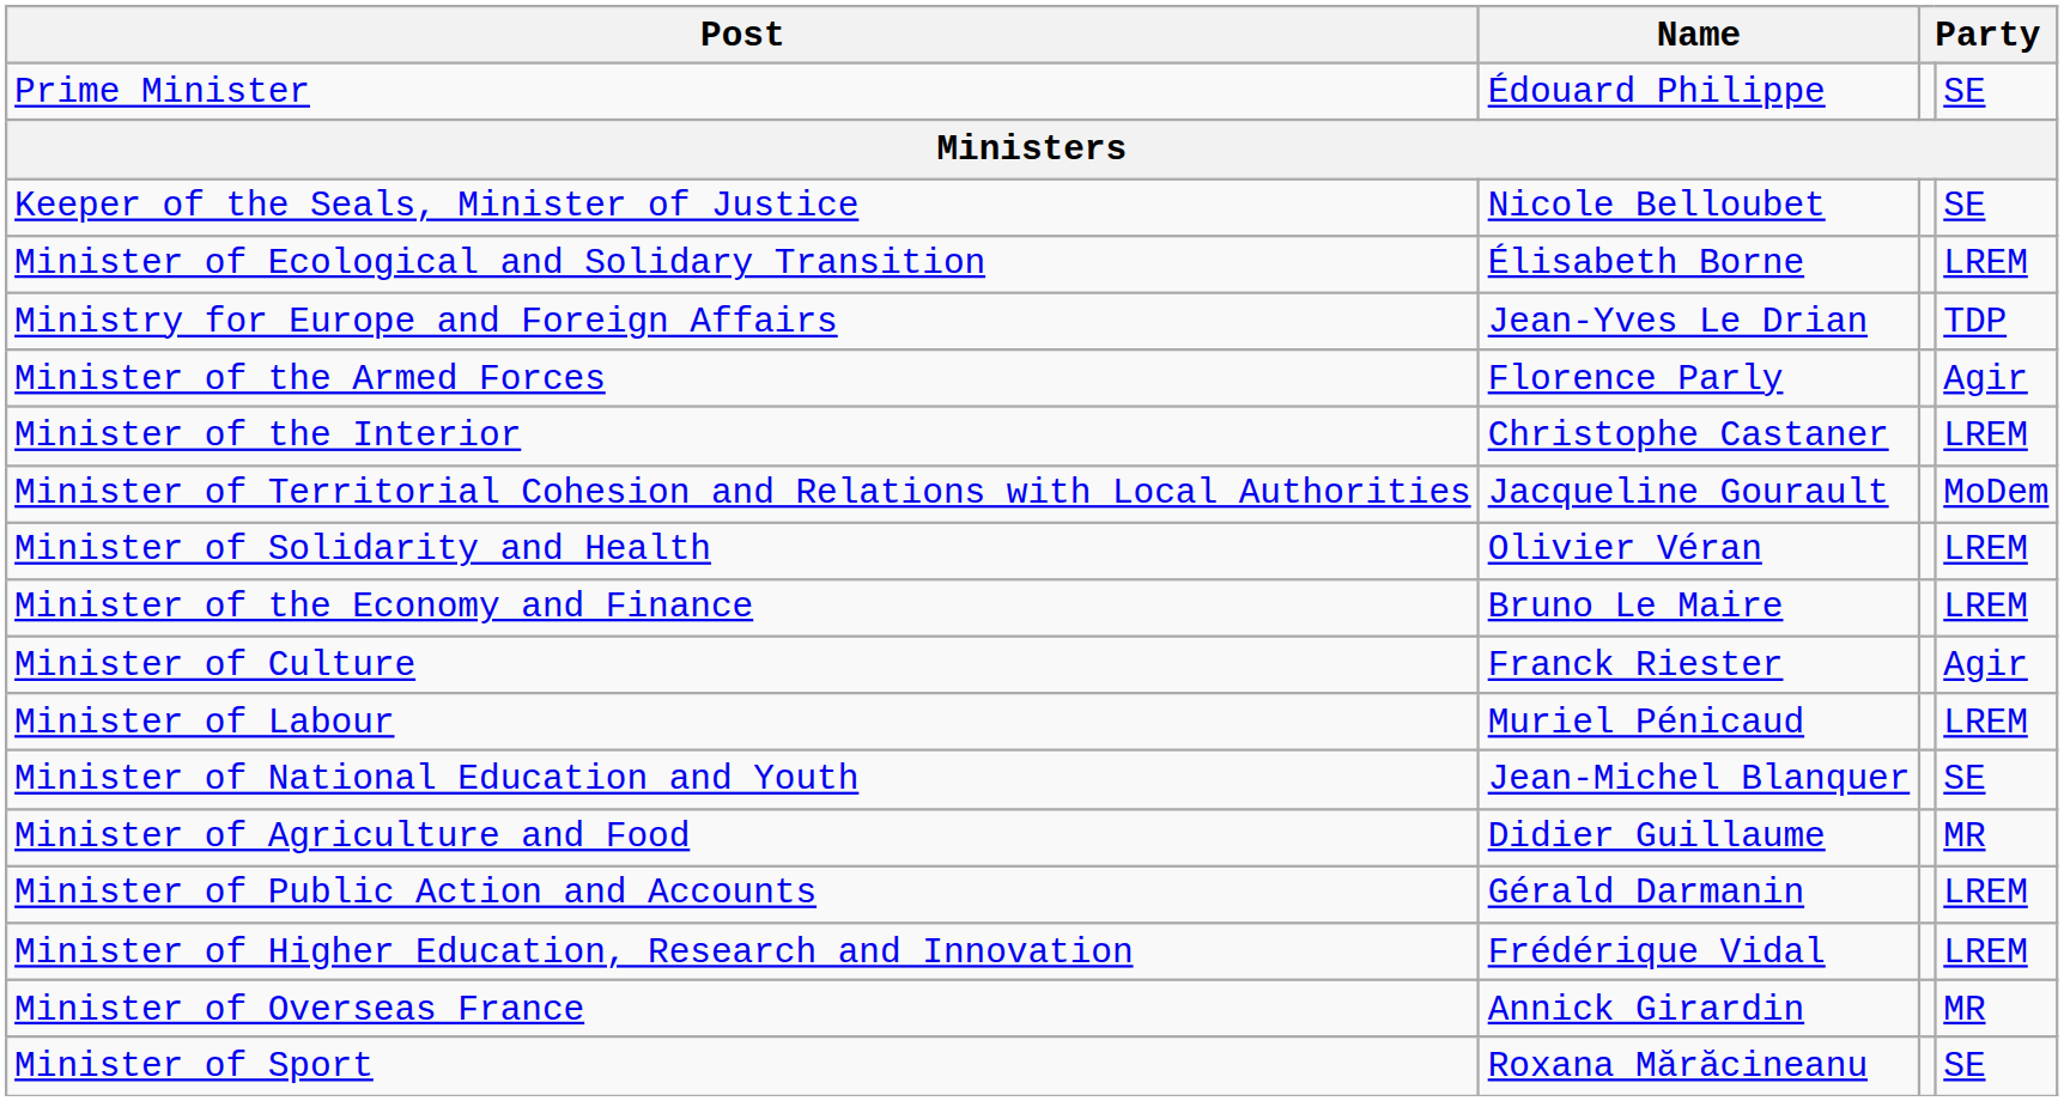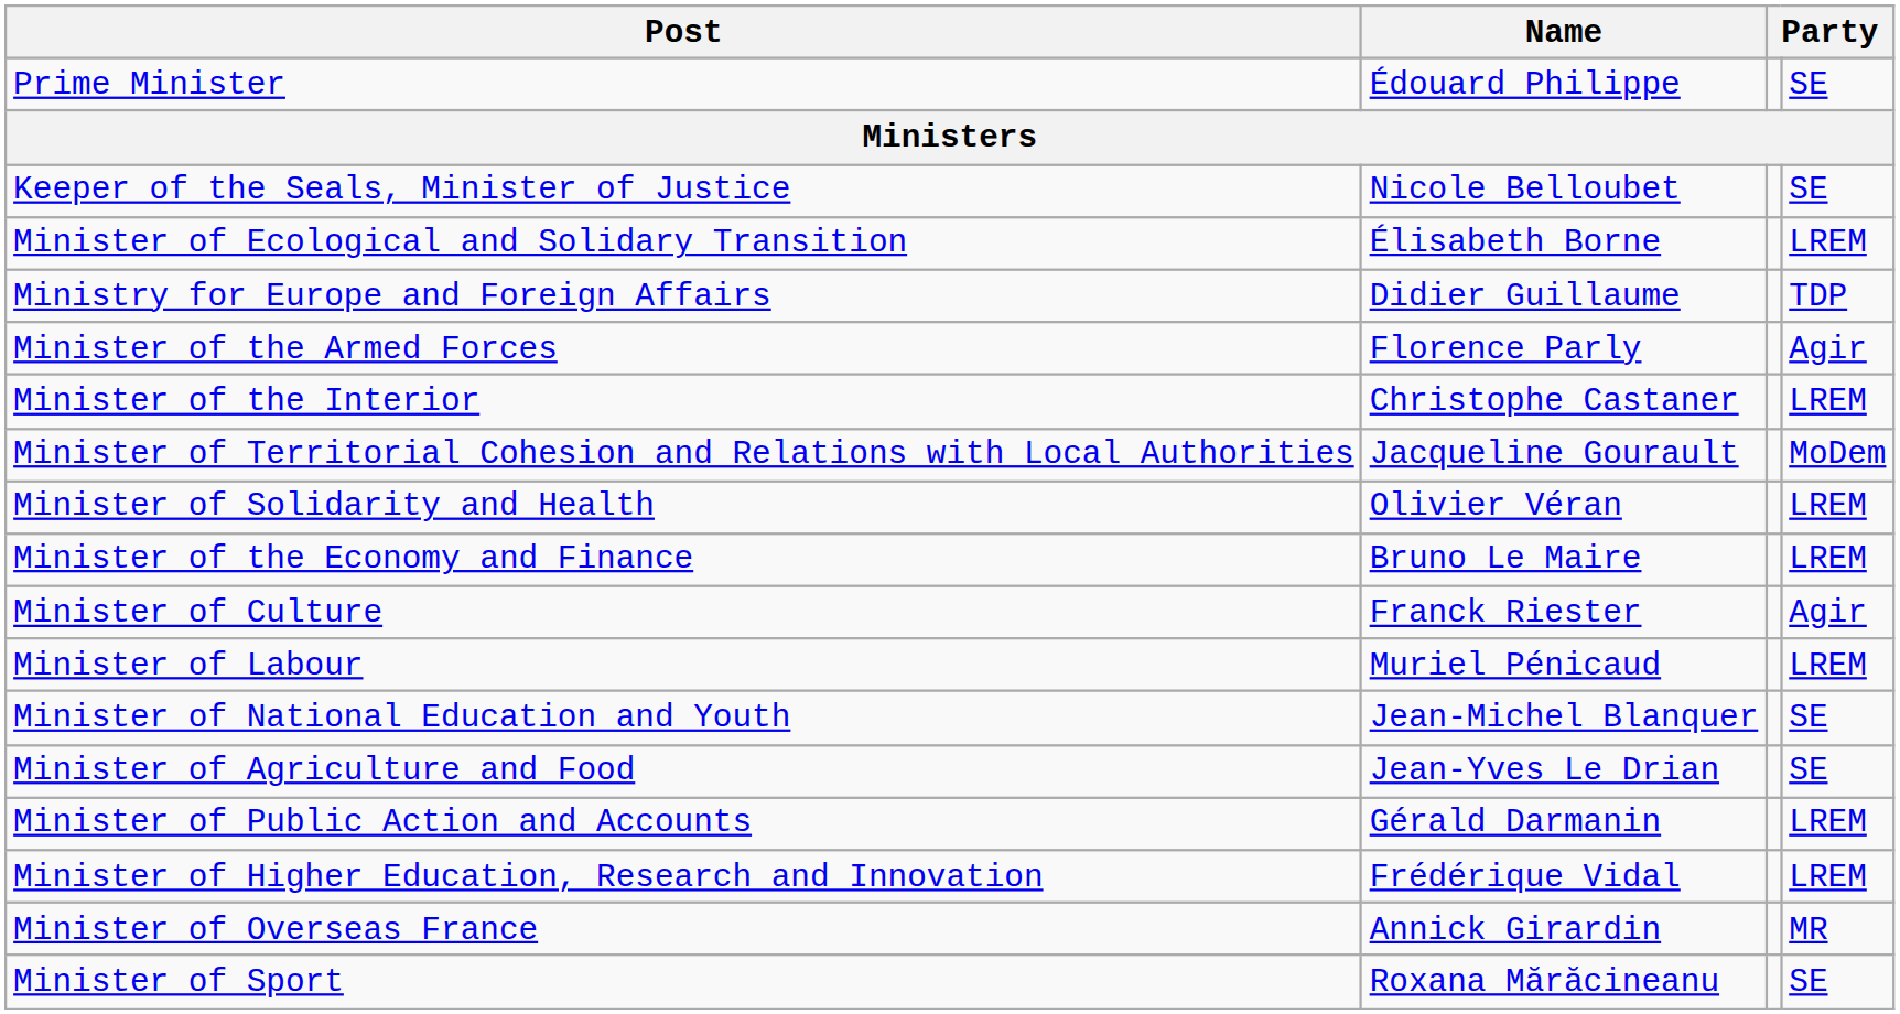 <table class="wikitable">
 <tr>
 <th scope="col">Post</th>
 <th scope="col">Name</th>
 <th colspan="2" scope="col">Party</th>
 </tr>
 <tr>
 <td><a href='#'>Prime Minister</a></td>
 <td><a href='#'>Édouard Philippe</a></td>
 <td style="background:"></td>
 <td><a href='#'>SE</a></td>
 </tr>
 <tr>
 <th colspan="4">Ministers</th>
 </tr>
 <tr>
 <td><a href='#'>Keeper of the Seals, Minister of Justice</a></td>
 <td><a href='#'>Nicole Belloubet</a></td>
 <td style="background:"></td>
 <td><a href='#'>SE</a></td>
 </tr>
 <tr>
 <td><a href='#'>Minister of Ecological and Solidary Transition</a></td>
 <td><a href='#'>Élisabeth Borne</a></td>
 <td style="background:"></td>
 <td><a href='#'>LREM</a></td>
 </tr>
 <tr>
 <td><a href='#'>Ministry for Europe and Foreign Affairs</a></td>
-<td><a href='#'>Jean-Yves Le Drian</a></td>
+<td><a href='#'>Didier Guillaume</a></td>
 <td style="background:"></td>
 <td><a href='#'>TDP</a></td>
 </tr>
 <tr>
 <td><a href='#'>Minister of the Armed Forces</a></td>
 <td><a href='#'>Florence Parly</a></td>
 <td style="background:"></td>
 <td><a href='#'>Agir</a></td>
 </tr>
 <tr>
 <td><a href='#'>Minister of the Interior</a></td>
 <td><a href='#'>Christophe Castaner</a></td>
 <td style="background:"></td>
 <td><a href='#'>LREM</a></td>
 </tr>
 <tr>
 <td><a href='#'>Minister of Territorial Cohesion and Relations with Local Authorities</a></td>
 <td><a href='#'>Jacqueline Gourault</a></td>
 <td style=background:></td>
 <td><a href='#'>MoDem</a></td>
 </tr>
 <tr>
 <td><a href='#'>Minister of Solidarity and Health</a></td>
 <td><a href='#'>Olivier Véran</a></td>
 <td style="background:"></td>
 <td><a href='#'>LREM</a></td>
 </tr>
 <tr>
 <td><a href='#'>Minister of the Economy and Finance</a></td>
 <td><a href='#'>Bruno Le Maire</a></td>
 <td style="background:"></td>
 <td><a href='#'>LREM</a></td>
 </tr>
 <tr>
 <td><a href='#'>Minister of Culture</a></td>
 <td><a href='#'>Franck Riester</a></td>
 <td style="background:"></td>
 <td><a href='#'>Agir</a></td>
 </tr>
 <tr>
 <td><a href='#'>Minister of Labour</a></td>
 <td><a href='#'>Muriel Pénicaud</a></td>
 <td style="background:"></td>
 <td><a href='#'>LREM</a></td>
 </tr>
 <tr>
 <td><a href='#'>Minister of National Education and Youth</a></td>
 <td><a href='#'>Jean-Michel Blanquer</a></td>
 <td style="background:"></td>
 <td><a href='#'>SE</a></td>
 </tr>
 <tr>
 <td><a href='#'>Minister of Agriculture and Food</a></td>
-<td><a href='#'>Didier Guillaume</a></td>
+<td><a href='#'>Jean-Yves Le Drian</a></td>
 <td style="background:"></td>
-<td><a href='#'>MR</a></td>
+<td><a href='#'>SE</a></td>
 </tr>
 <tr>
 <td><a href='#'>Minister of Public Action and Accounts</a></td>
 <td><a href='#'>Gérald Darmanin</a></td>
 <td style="background:"></td>
 <td><a href='#'>LREM</a></td>
 </tr>
 <tr>
 <td><a href='#'>Minister of Higher Education, Research and Innovation</a></td>
 <td><a href='#'>Frédérique Vidal</a></td>
 <td style="background:"></td>
 <td><a href='#'>LREM</a></td>
 </tr>
 <tr>
 <td><a href='#'>Minister of Overseas France</a></td>
 <td><a href='#'>Annick Girardin</a></td>
 <td style=background:></td>
 <td><a href='#'>MR</a></td>
 </tr>
 <tr>
 <td><a href='#'>Minister of Sport</a></td>
 <td><a href='#'>Roxana Mărăcineanu</a></td>
 <td style="background:"></td>
 <td><a href='#'>SE</a></td>
 </tr>
 </table>
